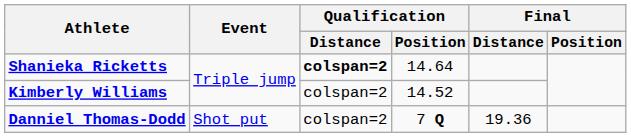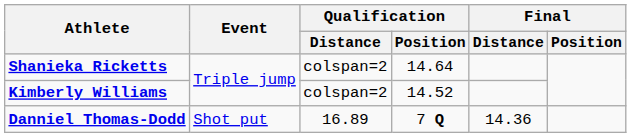 <table class=wikitable style="font-size:90%">
 <tr>
 <th rowspan=2>Athlete</th>
 <th rowspan=2>Event</th>
 <th colspan=2>Qualification</th>
 <th colspan=2>Final</th>
 </tr>
 <tr style="font-size:95%">
 <th>Distance</th>
 <th>Position</th>
 <th>Distance</th>
 <th>Position</th>
 </tr>
 <tr align=center>
 <td align=left><strong><a href='#'>Shanieka Ricketts</a></strong></td>
 <td align=left rowspan=2><a href='#'>Triple jump</a></td>
-<td><strong>colspan=2 </strong></td>
+<td>colspan=2 </td>
 <td>14.64</td>
 <td></td>
 </tr>
 <tr align=center>
 <td align=left><strong><a href='#'>Kimberly Williams</a></strong></td>
 <td>colspan=2 </td>
 <td>14.52</td>
 <td></td>
 </tr>
 <tr align=center>
 <td align=left><strong><a href='#'>Danniel Thomas-Dodd</a></strong></td>
 <td align=left><a href='#'>Shot put</a></td>
-<td>colspan=2 </td>
+<td>16.89</td>
 <td>7 <strong>Q</strong></td>
-<td>19.36</td>
+<td>14.36</td>
 <td></td>
 </tr>
 </table>
